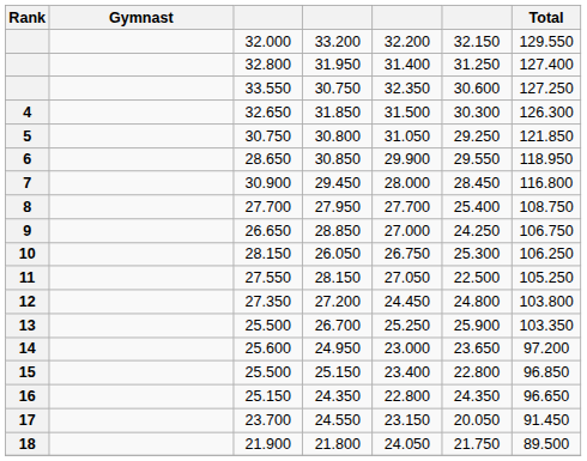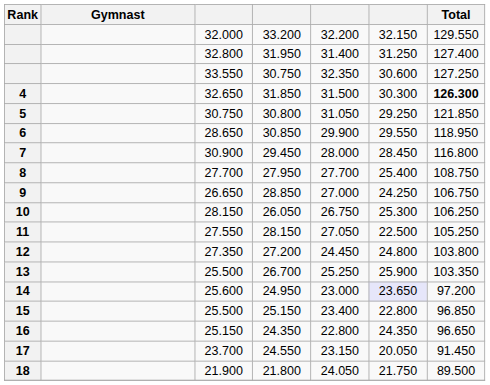 <table class="wikitable sortable" style="text-align:center; font-size:90%">
 <tr>
 <th scope="col" style="width:20px;">Rank</th>
 <th ! scope="col" style="width:170px;">Gymnast</th>
 <th ! scope="col" style="width:60px;"></th>
 <th ! scope="col" style="width:60px;"></th>
 <th ! scope="col" style="width:60px;"></th>
 <th ! scope="col" style="width:60px;"></th>
 <th ! scope="col" style="width:60px;">Total</th>
 </tr>
 <tr>
 <th scope=row></th>
 <td align=left></td>
 <td>32.000</td>
 <td>33.200</td>
 <td>32.200</td>
 <td>32.150</td>
 <td>129.550</td>
 </tr>
 <tr>
 <th scope=row></th>
 <td align=left></td>
 <td>32.800</td>
 <td>31.950</td>
 <td>31.400</td>
 <td>31.250</td>
 <td>127.400</td>
 </tr>
 <tr>
 <th scope=row></th>
 <td align=left></td>
 <td>33.550</td>
 <td>30.750</td>
 <td>32.350</td>
 <td>30.600</td>
 <td>127.250</td>
 </tr>
 <tr>
 <th scope=row>4</th>
 <td align=left></td>
 <td>32.650</td>
 <td>31.850</td>
 <td>31.500</td>
 <td>30.300</td>
-<td>126.300</td>
+<td><strong>126.300</strong></td>
 </tr>
 <tr>
 <th scope=row>5</th>
 <td align=left></td>
 <td>30.750</td>
 <td>30.800</td>
 <td>31.050</td>
 <td>29.250</td>
 <td>121.850</td>
 </tr>
 <tr>
 <th scope=row>6</th>
 <td align=left></td>
 <td>28.650</td>
 <td>30.850</td>
 <td>29.900</td>
 <td>29.550</td>
 <td>118.950</td>
 </tr>
 <tr>
 <th scope=row>7</th>
 <td align=left></td>
 <td>30.900</td>
 <td>29.450</td>
 <td>28.000</td>
 <td>28.450</td>
 <td>116.800</td>
 </tr>
 <tr>
 <th scope=row>8</th>
 <td align=left></td>
 <td>27.700</td>
 <td>27.950</td>
 <td>27.700</td>
 <td>25.400</td>
 <td>108.750</td>
 </tr>
 <tr>
 <th scope=row>9</th>
 <td align=left></td>
 <td>26.650</td>
 <td>28.850</td>
 <td>27.000</td>
 <td>24.250</td>
 <td>106.750</td>
 </tr>
 <tr>
 <th scope=row>10</th>
 <td align=left></td>
 <td>28.150</td>
 <td>26.050</td>
 <td>26.750</td>
 <td>25.300</td>
 <td>106.250</td>
 </tr>
 <tr>
 <th scope=row>11</th>
 <td align=left></td>
 <td>27.550</td>
 <td>28.150</td>
 <td>27.050</td>
 <td>22.500</td>
 <td>105.250</td>
 </tr>
 <tr>
 <th scope=row>12</th>
 <td align=left></td>
 <td>27.350</td>
 <td>27.200</td>
 <td>24.450</td>
 <td>24.800</td>
 <td>103.800</td>
 </tr>
 <tr>
 <th scope=row>13</th>
 <td align=left></td>
 <td>25.500</td>
 <td>26.700</td>
 <td>25.250</td>
 <td>25.900</td>
 <td>103.350</td>
 </tr>
 <tr>
 <th scope=row>14</th>
 <td align=left></td>
 <td>25.600</td>
 <td>24.950</td>
 <td>23.000</td>
-<td>23.650</td>
+<td style="background: lavender;">23.650</td>
 <td>97.200</td>
 </tr>
 <tr>
 <th scope=row>15</th>
 <td align=left></td>
 <td>25.500</td>
 <td>25.150</td>
 <td>23.400</td>
 <td>22.800</td>
 <td>96.850</td>
 </tr>
 <tr>
 <th scope=row>16</th>
 <td align=left></td>
 <td>25.150</td>
 <td>24.350</td>
 <td>22.800</td>
 <td>24.350</td>
 <td>96.650</td>
 </tr>
 <tr>
 <th scope=row>17</th>
 <td align=left></td>
 <td>23.700</td>
 <td>24.550</td>
 <td>23.150</td>
 <td>20.050</td>
 <td>91.450</td>
 </tr>
 <tr>
 <th scope=row>18</th>
 <td align=left></td>
 <td>21.900</td>
 <td>21.800</td>
 <td>24.050</td>
 <td>21.750</td>
 <td>89.500</td>
 </tr>
 <tr>
 </tr>
 </table>
